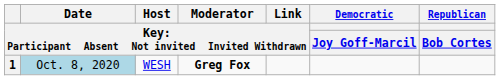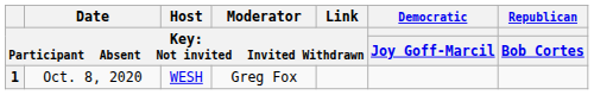 <table class="wikitable" style="text-align:center;">
 <tr>
 <th scope="col"></th>
 <th scope="col">Date</th>
 <th scope="col">Host</th>
 <th scope="col">Moderator</th>
 <th scope="col">Link</th>
 <th scope="col"><small><a href='#'>Democratic</a></small></th>
 <th scope="col"><small><a href='#'>Republican</a></small></th>
 </tr>
 <tr>
 <th colspan="5" rowspan="2">Key:<br> <small>Participant </small>  <small>Absent </small>  <small>Not invited </small>  <small>Invited  Withdrawn</small></th>
 <th scope="col" style="background:"></th>
 <th scope="col" style="background:"></th>
 </tr>
 <tr>
 <th scope="col"><a href='#'>Joy Goff-Marcil</a></th>
 <th scope="col"><a href='#'>Bob Cortes</a></th>
 </tr>
 <tr>
 <th>1</th>
-<td style="background: lightblue; white-space:nowrap;">Oct. 8, 2020</td>
+<td style="white-space:nowrap;">Oct. 8, 2020</td>
 <td style="white-space:nowrap;"><a href='#'>WESH</a></td>
-<td style="white-space:nowrap;"><strong>Greg Fox</strong></td>
+<td style="white-space:nowrap;">Greg Fox</td>
 <td style="white-space:nowrap;"></td>
 <td></td>
 <td></td>
 </tr>
 </table>
